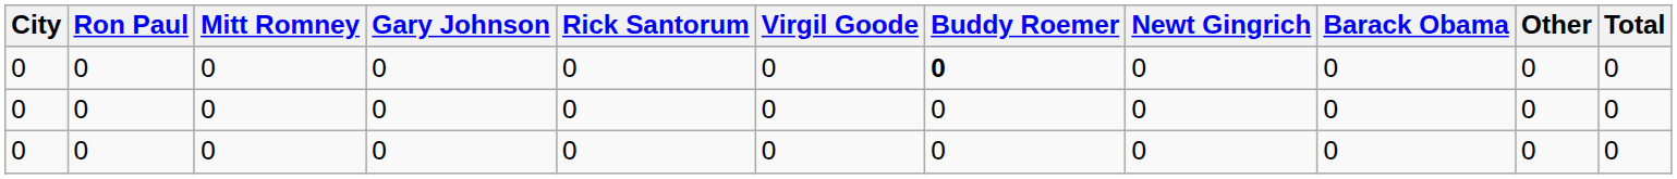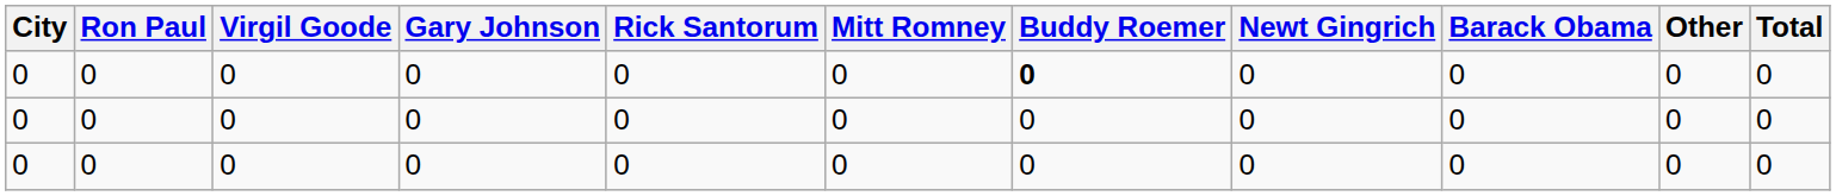 <table class="wikitable sortable">
 <tr>
 <th>City</th>
 <th><a href='#'>Ron Paul</a></th>
-<th><a href='#'>Mitt Romney</a></th>
+<th><a href='#'>Virgil Goode</a></th>
 <th><a href='#'>Gary Johnson</a></th>
 <th><a href='#'>Rick Santorum</a></th>
-<th><a href='#'>Virgil Goode</a></th>
+<th><a href='#'>Mitt Romney</a></th>
 <th><a href='#'>Buddy Roemer</a></th>
 <th><a href='#'>Newt Gingrich</a></th>
 <th><a href='#'>Barack Obama</a></th>
 <th>Other</th>
 <th>Total</th>
 </tr>
 <tr>
 <td>0</td>
 <td>0</td>
 <td>0</td>
 <td>0</td>
 <td>0</td>
 <td>0</td>
 <td><strong>0</strong></td>
 <td>0</td>
 <td>0</td>
 <td>0</td>
 <td>0</td>
 </tr>
 <tr>
 <td>0</td>
 <td>0</td>
 <td>0</td>
 <td>0</td>
 <td>0</td>
 <td>0</td>
 <td>0</td>
 <td>0</td>
 <td>0</td>
 <td>0</td>
 <td>0</td>
 </tr>
 <tr>
 <td>0</td>
 <td>0</td>
 <td>0</td>
 <td>0</td>
 <td>0</td>
 <td>0</td>
 <td>0</td>
 <td>0</td>
 <td>0</td>
 <td>0</td>
 <td>0</td>
 </tr>
 </table>
